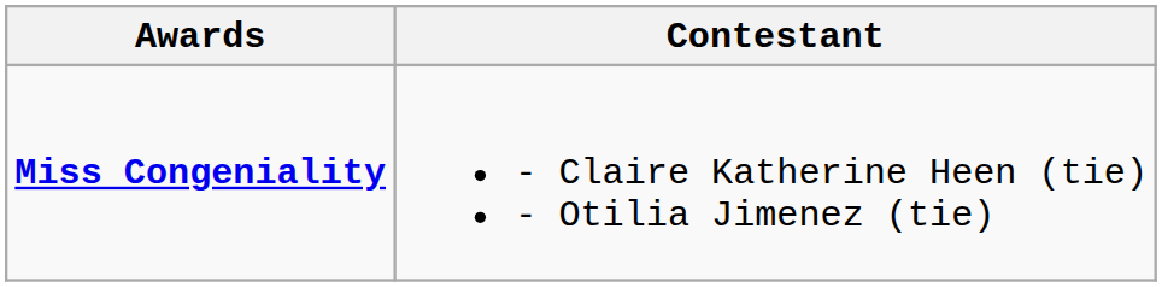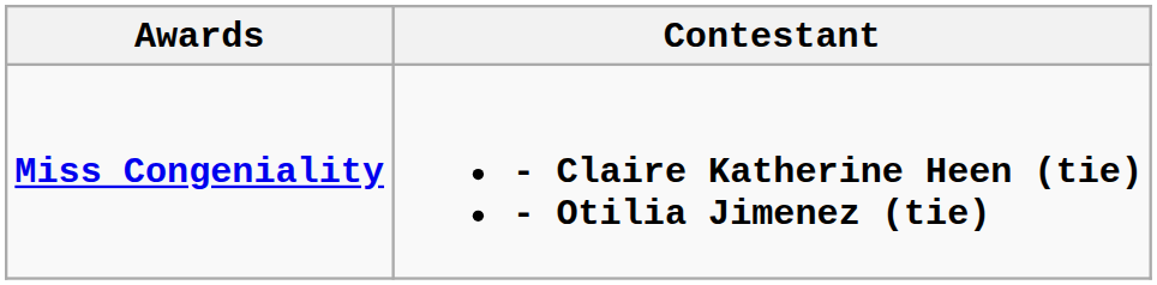 <table class="wikitable">
 <tr>
 <th>Awards</th>
 <th>Contestant</th>
 </tr>
 <tr>
 <td><strong><a href='#'>Miss Congeniality</a></strong></td>
-<td><br><ul><li> - Claire Katherine Heen (tie)</li><li> - Otilia Jimenez (tie)</li></ul></td>
+<td><strong><br><ul><li> - Claire Katherine Heen (tie)</li><li> - Otilia Jimenez (tie)</li></ul></strong></td>
 </tr>
 </table>
